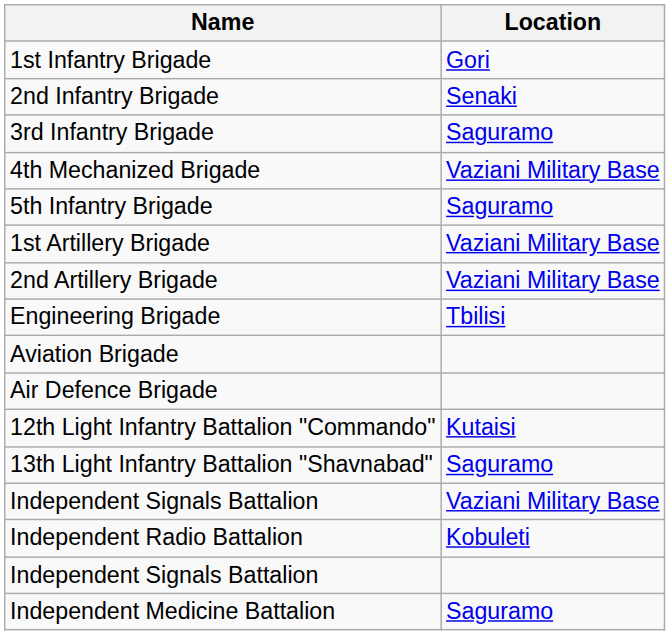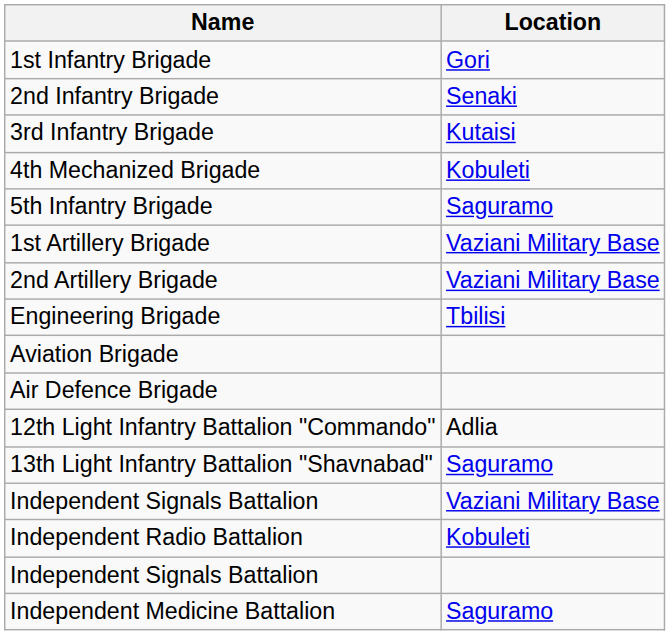 <table class="wikitable">
 <tr>
 <th>Name</th>
 <th>Location</th>
 </tr>
 <tr>
 <td>1st Infantry Brigade</td>
 <td><a href='#'>Gori</a></td>
 </tr>
 <tr>
 <td>2nd Infantry Brigade</td>
 <td><a href='#'>Senaki</a></td>
 </tr>
 <tr>
 <td>3rd Infantry Brigade</td>
-<td><a href='#'>Saguramo</a></td>
+<td><a href='#'>Kutaisi</a></td>
 </tr>
 <tr>
 <td>4th Mechanized Brigade</td>
-<td><a href='#'>Vaziani Military Base</a></td>
+<td><a href='#'>Kobuleti</a></td>
 </tr>
 <tr>
 <td>5th Infantry Brigade</td>
 <td><a href='#'>Saguramo</a></td>
 </tr>
 <tr>
 <td>1st Artillery Brigade</td>
 <td><a href='#'>Vaziani Military Base</a></td>
 </tr>
 <tr>
 <td>2nd Artillery Brigade</td>
 <td><a href='#'>Vaziani Military Base</a></td>
 </tr>
 <tr>
 <td>Engineering Brigade</td>
 <td><a href='#'>Tbilisi</a></td>
 </tr>
 <tr>
 <td>Aviation Brigade</td>
 <td></td>
 </tr>
 <tr>
 <td>Air Defence Brigade</td>
 <td></td>
 </tr>
 <tr>
 <td>12th Light Infantry Battalion "Commando"</td>
-<td><a href='#'>Kutaisi</a></td>
+<td>Adlia</td>
 </tr>
 <tr>
 <td>13th Light Infantry Battalion "Shavnabad"</td>
 <td><a href='#'>Saguramo</a></td>
 </tr>
 <tr>
 <td>Independent Signals Battalion</td>
 <td><a href='#'>Vaziani Military Base</a></td>
 </tr>
 <tr>
 <td>Independent Radio Battalion</td>
 <td><a href='#'>Kobuleti</a></td>
 </tr>
 <tr>
 <td>Independent Signals Battalion</td>
 <td></td>
 </tr>
 <tr>
 <td>Independent Medicine Battalion</td>
 <td><a href='#'>Saguramo</a></td>
 </tr>
 </table>
